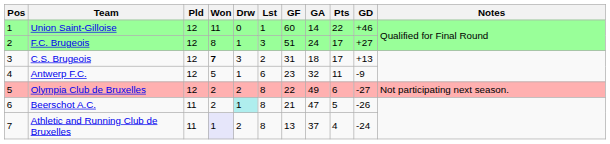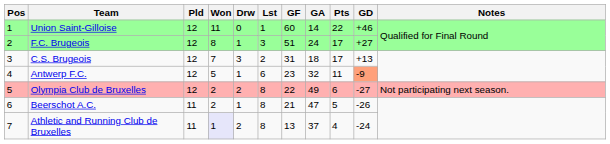 <table class="wikitable" width=70% style="font-size:90%">
 <tr>
 <th width=4%><strong>Pos</strong></th>
 <th width=26%><strong>Team</strong></th>
 <th width=4%><strong>Pld</strong></th>
 <th width=4%><strong>Won</strong></th>
 <th width=4%><strong>Drw</strong></th>
 <th width=4%><strong>Lst</strong></th>
 <th width=4%><strong>GF</strong></th>
 <th width=4%><strong>GA</strong></th>
 <th width=4%><strong>Pts</strong></th>
 <th width=4%><strong>GD</strong></th>
 <th width=38%><strong>Notes</strong></th>
 </tr>
 <tr bgcolor=#99ff99>
 <td>1</td>
 <td><a href='#'>Union Saint-Gilloise</a></td>
 <td>12</td>
 <td>11</td>
 <td>0</td>
 <td>1</td>
 <td>60</td>
 <td>14</td>
 <td>22</td>
 <td>+46</td>
 <td rowspan=2>Qualified for Final Round</td>
 </tr>
 <tr bgcolor=#99ff99>
 <td>2</td>
 <td><a href='#'>F.C. Brugeois</a></td>
 <td>12</td>
 <td>8</td>
 <td>1</td>
 <td>3</td>
 <td>51</td>
 <td>24</td>
 <td>17</td>
 <td>+27</td>
 </tr>
 <tr>
 <td>3</td>
 <td><a href='#'>C.S. Brugeois</a></td>
 <td>12</td>
-<td><strong>7</strong></td>
+<td>7</td>
 <td>3</td>
 <td>2</td>
 <td>31</td>
 <td>18</td>
 <td>17</td>
 <td>+13</td>
 </tr>
 <tr>
 <td>4</td>
 <td><a href='#'>Antwerp F.C.</a></td>
 <td>12</td>
 <td>5</td>
 <td>1</td>
 <td>6</td>
 <td>23</td>
 <td>32</td>
 <td>11</td>
-<td>-9</td>
+<td style="background: lightsalmon;">-9</td>
 </tr>
 <tr bgcolor=#ffb0b0>
 <td>5</td>
 <td><a href='#'>Olympia Club de Bruxelles</a></td>
 <td>12</td>
 <td>2</td>
 <td>2</td>
 <td>8</td>
 <td>22</td>
 <td>49</td>
 <td>6</td>
 <td>-27</td>
 <td>Not participating next season.</td>
 </tr>
 <tr>
 <td>6</td>
 <td><a href='#'>Beerschot A.C.</a></td>
 <td>11</td>
 <td>2</td>
-<td style="background: paleturquoise;">1</td>
+<td>1</td>
 <td>8</td>
 <td>21</td>
 <td>47</td>
 <td>5</td>
 <td>-26</td>
 </tr>
 <tr>
 <td>7</td>
 <td><a href='#'>Athletic and Running Club de Bruxelles</a></td>
 <td>11</td>
 <td style="background: lavender;">1</td>
 <td>2</td>
 <td>8</td>
 <td>13</td>
 <td>37</td>
 <td>4</td>
 <td>-24</td>
 </tr>
 </table>
